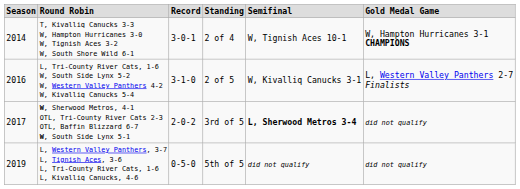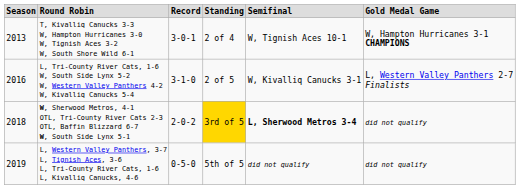 <table class="wikitable">
 <tr style="font-weight:bold; background-color:#dddddd;" |>
 <td>Season</td>
 <td>Round Robin</td>
 <td>Record</td>
 <td>Standing</td>
 <td>Semifinal</td>
 <td>Gold Medal Game</td>
 </tr>
 <tr align "center">
-<td>2014</td>
+<td>2013</td>
 <td><small> T, Kivalliq Canucks 3-3<br>W, Hampton Hurricanes 3-0<br>W, Tignish Aces 3-2<br>W, South Shore Wild 6-1</small></td>
 <td>3-0-1</td>
 <td>2 of 4</td>
 <td>W, Tignish Aces 10-1</td>
 <td>W, Hampton Hurricanes 3-1<br><strong>CHAMPIONS</strong></td>
 </tr>
 <tr align "center">
 <td>2016</td>
 <td><small> L, Tri-County River Cats, 1-6<br>W, South Side Lynx 5-2<br>W, <a href='#'>Western Valley Panthers</a> 4-2<br>W, Kivalliq Canucks 5-4</small></td>
 <td>3-1-0</td>
 <td>2 of 5</td>
 <td>W, Kivalliq Canucks 3-1</td>
 <td>L, <a href='#'>Western Valley Panthers</a> 2-7<br> <em>Finalists</em></td>
 </tr>
 <tr align "center">
-<td>2017</td>
+<td>2018</td>
 <td><small> <strong>W</strong>, Sherwood Metros, 4-1<br>OTL, Tri-County River Cats 2-3<br>OTL, Baffin Blizzard 6-7<br><strong>W</strong>, South Side Lynx 5-1</small></td>
 <td>2-0-2</td>
-<td>3rd of 5</td>
+<td style="background: gold;">3rd of 5</td>
 <td><strong>L, Sherwood Metros 3-4</strong></td>
 <td><small><em>did not qualify</em></small></td>
 </tr>
 <tr align "center">
 <td>2019</td>
 <td><small> L, <a href='#'>Western Valley Panthers</a>, 3-7<br>L, <a href='#'>Tignish Aces</a>, 3-6<br>L, Tri-County River Cats, 1-6<br>L, Kivalliq Canucks, 4-6</small></td>
 <td>0-5-0</td>
 <td>5th of 5</td>
 <td><small><em>did not qualify</em></small></td>
 <td><small><em>did not qualify</em></small></td>
 </tr>
 </table>
